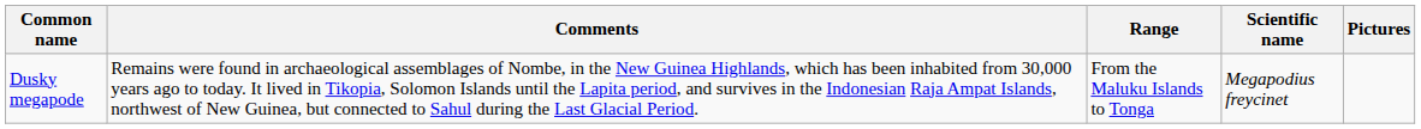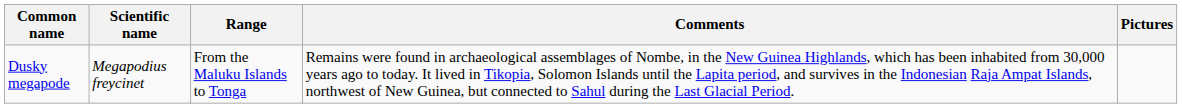 <table class="wikitable">
 <tr>
 <th>Common name</th>
+<th>Scientific name</th>
+<th>Range</th>
 <th class="unsortable">Comments</th>
-<th>Range</th>
-<th>Scientific name</th>
 <th class="unsortable">Pictures</th>
 </tr>
 <tr>
 <td><a href='#'>Dusky megapode</a></td>
+<td><em>Megapodius freycinet</em></td>
+<td>From the <a href='#'>Maluku Islands</a> to <a href='#'>Tonga</a></td>
 <td>Remains were found in archaeological assemblages of Nombe, in the <a href='#'>New Guinea Highlands</a>, which has been inhabited from 30,000 years ago to today. It lived in <a href='#'>Tikopia</a>, Solomon Islands until the <a href='#'>Lapita period</a>, and survives in the <a href='#'>Indonesian</a> <a href='#'>Raja Ampat Islands</a>, northwest of New Guinea, but connected to <a href='#'>Sahul</a> during the <a href='#'>Last Glacial Period</a>.</td>
-<td>From the <a href='#'>Maluku Islands</a> to <a href='#'>Tonga</a></td>
-<td><em>Megapodius freycinet</em></td>
 <td></td>
 </tr>
 </table>
